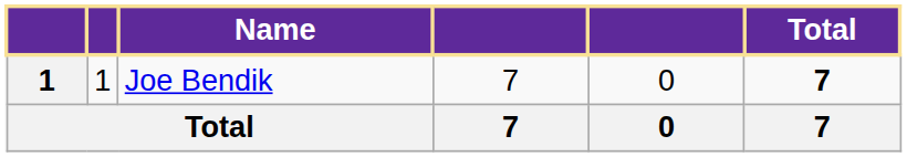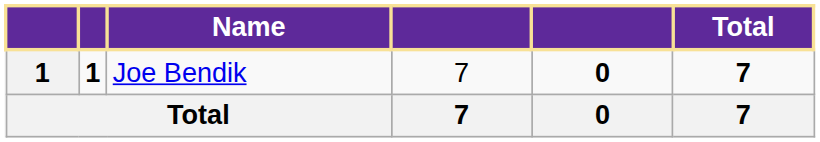 <table class="wikitable" style="text-align:center;">
 <tr>
 <th style="background:#5E299A; color:white; border:2px solid #F8E196; width:35px;"></th>
 <th style="background:#5E299A; color:white; border:2px solid #F8E196; width=35px;"></th>
 <th scope=col style="background:#5E299A; color:white; border:2px solid #F8E196; width:160px;">Name</th>
 <th style="background:#5E299A; color:white; border:2px solid #F8E196; width:75px;"></th>
 <th style="background:#5E299A; color:white; border:2px solid #F8E196; width:75px;"></th>
 <th style="background:#5E299A; color:white; border:2px solid #F8E196; width:75px;">Total</th>
 </tr>
 <tr>
 <th>1</th>
-<td>1</td>
+<td><strong>1</strong></td>
 <td align=left> <a href='#'>Joe Bendik</a></td>
 <td>7</td>
-<td>0</td>
+<td><strong>0</strong></td>
 <td><strong>7</strong></td>
 </tr>
 <tr>
 <th colspan="3">Total</th>
 <th>7</th>
 <th>0</th>
 <th>7</th>
 </tr>
 </table>
